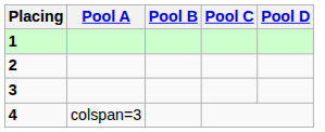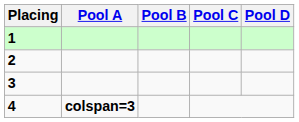 <table class=wikitable style="border:1px solid #AAAAAA;">
 <tr>
 <th>Placing</th>
 <th><a href='#'>Pool A</a></th>
 <th><a href='#'>Pool B</a></th>
 <th><a href='#'>Pool C</a></th>
 <th><a href='#'>Pool D</a></th>
 </tr>
 <tr style="background: #ccffcc;">
 <td><strong>1</strong></td>
 <td></td>
 <td></td>
 <td></td>
 <td></td>
 </tr>
 <tr>
 <td><strong>2</strong></td>
 <td></td>
 <td></td>
 <td></td>
 <td></td>
 </tr>
 <tr>
 <td><strong>3</strong></td>
 <td></td>
 <td></td>
 <td></td>
 <td></td>
 </tr>
 <tr>
 <td><strong>4</strong></td>
-<td>colspan=3 </td>
+<td><strong>colspan=3 </strong></td>
 <td></td>
 </tr>
 </table>
